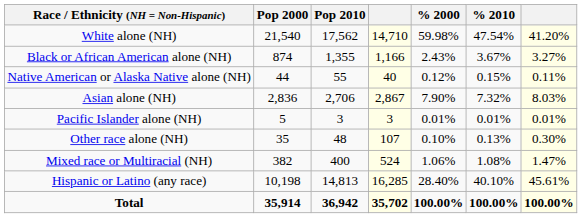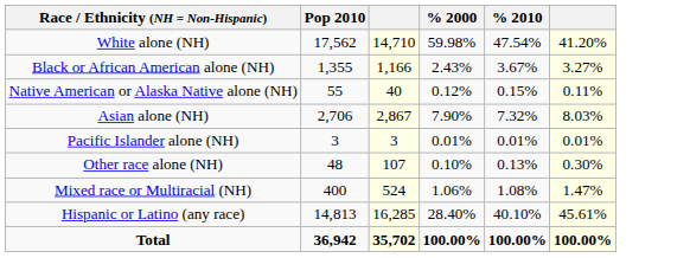 <table class="wikitable" style="text-align:center;">
 <tr>
 <th>Race / Ethnicity <small>(<em>NH = Non-Hispanic</em>)</small></th>
-<th>Pop 2000</th>
 <th>Pop 2010</th>
 <th></th>
 <th>% 2000</th>
 <th>% 2010</th>
 <th></th>
 </tr>
 <tr>
 <td><a href='#'>White</a> alone (NH)</td>
-<td>21,540</td>
 <td>17,562</td>
 <td style='background: #ffffe6;'>14,710</td>
 <td>59.98%</td>
 <td>47.54%</td>
 <td style='background: #ffffe6;'>41.20%</td>
 </tr>
 <tr>
 <td><a href='#'>Black or African American</a> alone (NH)</td>
-<td>874</td>
 <td>1,355</td>
 <td style='background: #ffffe6;'>1,166</td>
 <td>2.43%</td>
 <td>3.67%</td>
 <td style='background: #ffffe6;'>3.27%</td>
 </tr>
 <tr>
 <td><a href='#'>Native American</a> or <a href='#'>Alaska Native</a> alone (NH)</td>
-<td>44</td>
 <td>55</td>
 <td style='background: #ffffe6;'>40</td>
 <td>0.12%</td>
 <td>0.15%</td>
 <td style='background: #ffffe6;'>0.11%</td>
 </tr>
 <tr>
 <td><a href='#'>Asian</a> alone (NH)</td>
-<td>2,836</td>
 <td>2,706</td>
 <td style='background: #ffffe6;'>2,867</td>
 <td>7.90%</td>
 <td>7.32%</td>
 <td style='background: #ffffe6;'>8.03%</td>
 </tr>
 <tr>
 <td><a href='#'>Pacific Islander</a> alone (NH)</td>
-<td>5</td>
 <td>3</td>
 <td style='background: #ffffe6;'>3</td>
 <td>0.01%</td>
 <td>0.01%</td>
 <td style='background: #ffffe6;'>0.01%</td>
 </tr>
 <tr>
 <td><a href='#'>Other race</a> alone (NH)</td>
-<td>35</td>
 <td>48</td>
 <td style='background: #ffffe6;'>107</td>
 <td>0.10%</td>
 <td>0.13%</td>
 <td style='background: #ffffe6;'>0.30%</td>
 </tr>
 <tr>
 <td><a href='#'>Mixed race or Multiracial</a> (NH)</td>
-<td>382</td>
 <td>400</td>
 <td style='background: #ffffe6;'>524</td>
 <td>1.06%</td>
 <td>1.08%</td>
 <td style='background: #ffffe6;'>1.47%</td>
 </tr>
 <tr>
 <td><a href='#'>Hispanic or Latino</a> (any race)</td>
-<td>10,198</td>
 <td>14,813</td>
 <td style='background: #ffffe6;'>16,285</td>
 <td>28.40%</td>
 <td>40.10%</td>
 <td style='background: #ffffe6;'>45.61%</td>
 </tr>
 <tr>
 <td><strong>Total</strong></td>
-<td><strong>35,914</strong></td>
 <td><strong>36,942</strong></td>
 <td style='background: #ffffe6;'><strong>35,702</strong></td>
 <td><strong>100.00%</strong></td>
 <td><strong>100.00%</strong></td>
 <td style='background: #ffffe6;'><strong>100.00%</strong></td>
 </tr>
 </table>
